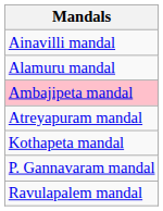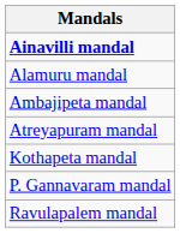 <table class="wikitable sortable static-row-numbers static-row-header-hash">
 <tr>
 <th>Mandals</th>
 </tr>
 <tr>
-<td><a href='#'>Ainavilli mandal</a></td>
+<td><strong><a href='#'>Ainavilli mandal</a></strong></td>
 </tr>
 <tr>
 <td><a href='#'>Alamuru mandal</a></td>
 </tr>
 <tr>
-<td style="background: pink;"><a href='#'>Ambajipeta mandal</a></td>
+<td><a href='#'>Ambajipeta mandal</a></td>
 </tr>
 <tr>
 <td><a href='#'>Atreyapuram mandal</a></td>
 </tr>
 <tr>
 <td><a href='#'>Kothapeta mandal</a></td>
 </tr>
 <tr>
 <td><a href='#'>P. Gannavaram mandal</a></td>
 </tr>
 <tr>
 <td><a href='#'>Ravulapalem mandal</a></td>
 </tr>
 </table>
